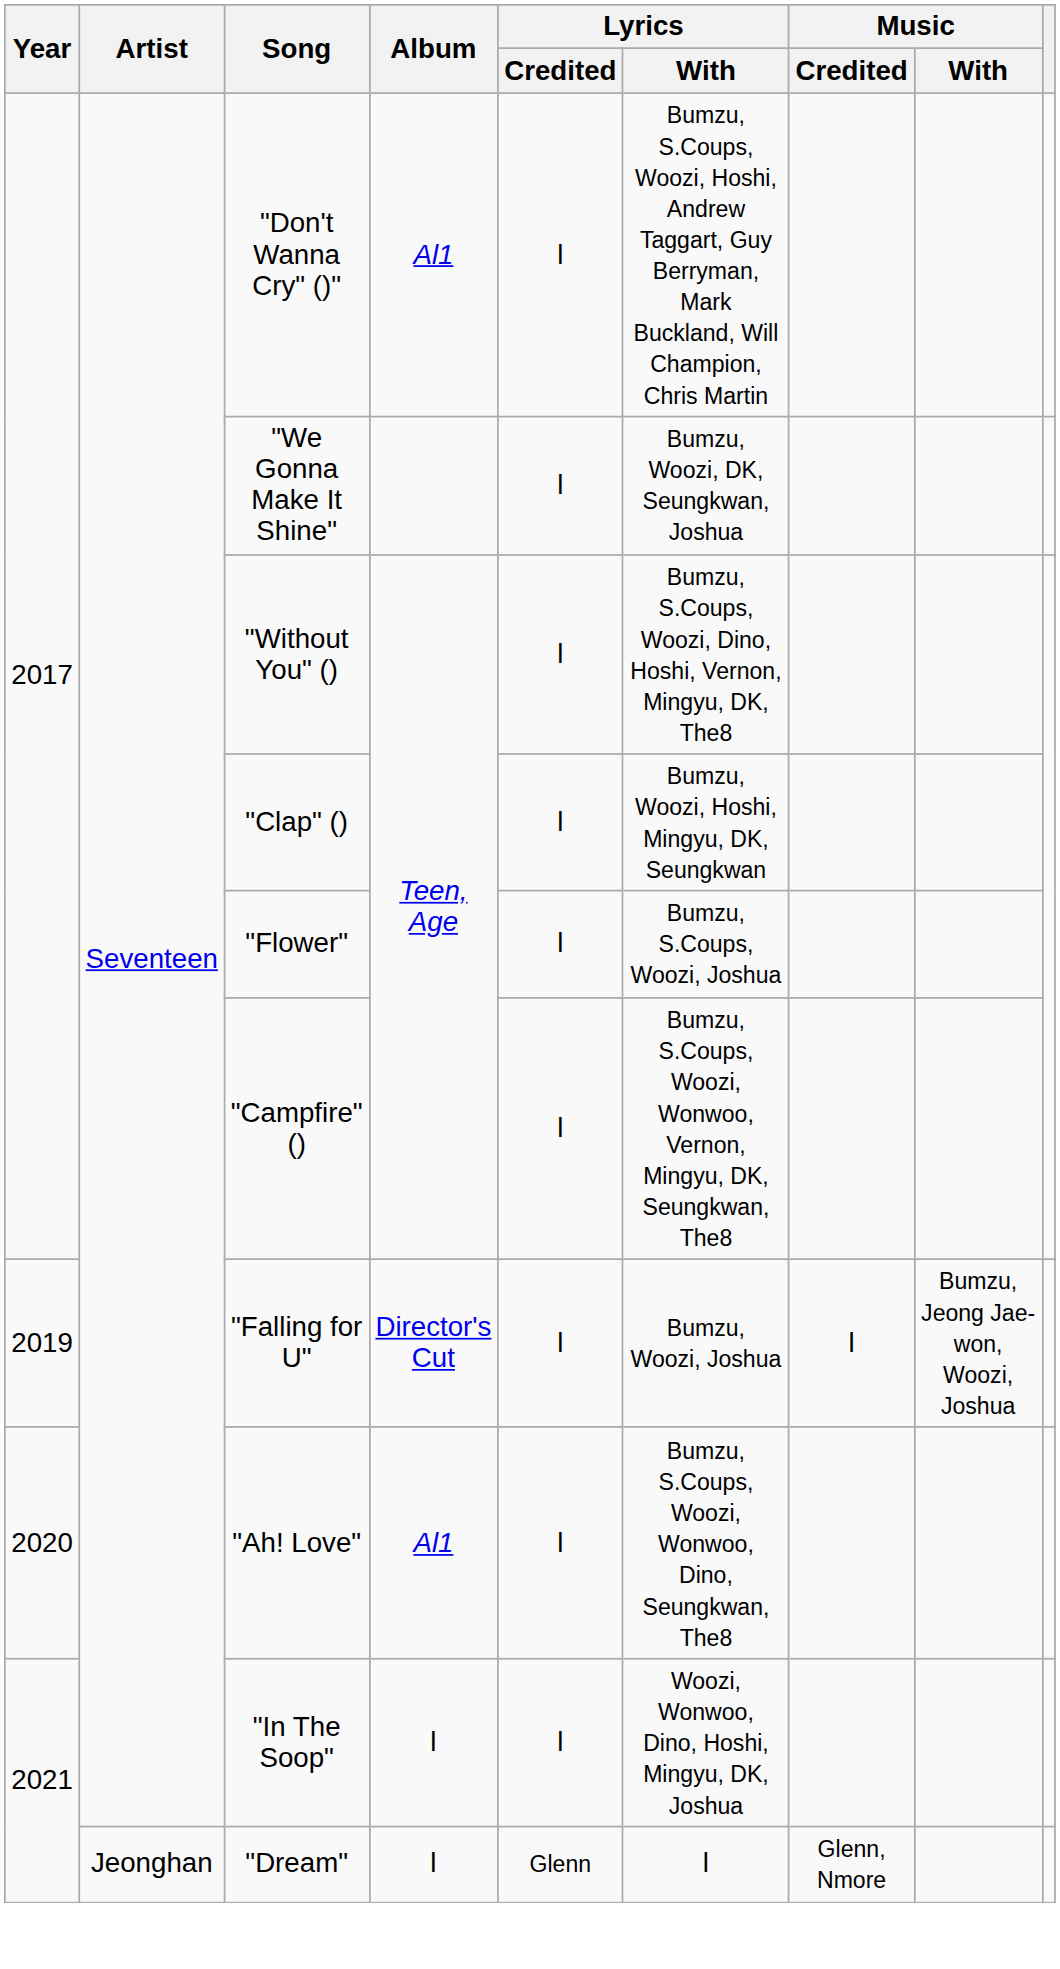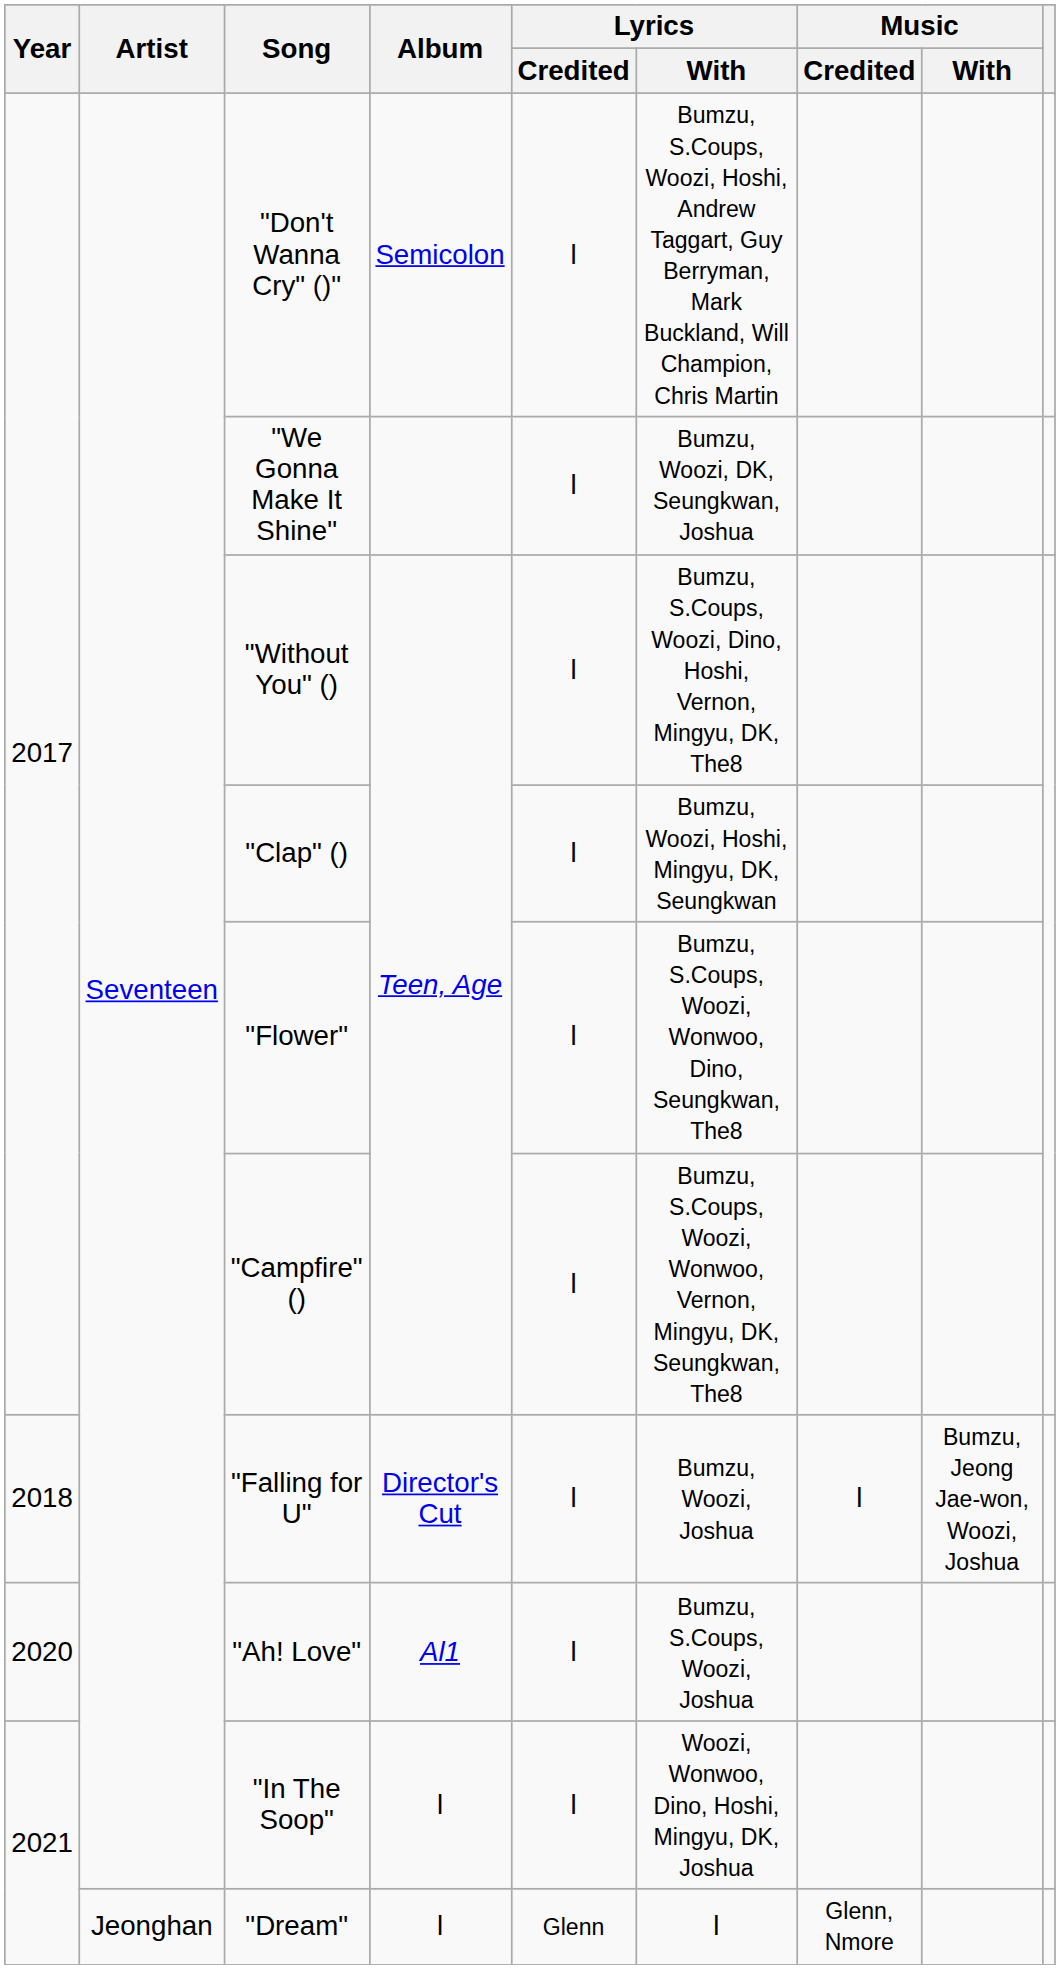 <table class="wikitable plainrowheaders sortable" style="text-align:center; width;100%">
 <tr>
 <th rowspan="2">Year</th>
 <th rowspan="2">Artist</th>
 <th rowspan="2">Song</th>
 <th rowspan="2">Album</th>
 <th colspan="2">Lyrics</th>
 <th colspan="2">Music</th>
 <th rowspan="2" class="unsortable"></th>
 </tr>
 <tr>
 <th style="width:3em;">Credited</th>
 <th style="width:9em;">With</th>
 <th style="width:3em;">Credited</th>
 <th style="width:9em;">With</th>
 </tr>
 <tr>
 <td rowspan="6">2017</td>
 <td rowspan="9"><a href='#'>Seventeen</a></td>
 <td>"Don't Wanna Cry" ()"</td>
-<td><a href='#'><em>Al1</em></a></td>
+<td><a href='#'>Semicolon</a></td>
 <td>l</td>
 <td><small>Bumzu, S.Coups, Woozi, Hoshi, Andrew Taggart, Guy Berryman, Mark Buckland, Will Champion, Chris Martin</small></td>
 <td></td>
 <td></td>
 <td></td>
 </tr>
 <tr>
 <td>"We Gonna Make It Shine" <br></td>
 <td></td>
 <td>l</td>
 <td><small>Bumzu, Woozi, DK, Seungkwan, Joshua</small></td>
 <td></td>
 <td></td>
 <td></td>
 </tr>
 <tr>
 <td>"Without You" ()</td>
 <td rowspan="4"><em><a href='#'>Teen, Age</a></em></td>
 <td>l</td>
 <td><small>Bumzu, S.Coups, Woozi, Dino, Hoshi, Vernon, Mingyu, DK, The8</small></td>
 <td></td>
 <td></td>
 <td rowspan="4" align="center"></td>
 </tr>
 <tr>
 <td>"Clap" ()</td>
 <td>l</td>
 <td><small>Bumzu, Woozi, Hoshi, Mingyu, DK, Seungkwan</small></td>
 <td></td>
 <td></td>
 </tr>
 <tr>
 <td>"Flower" <br></td>
 <td>l</td>
-<td><small>Bumzu, S.Coups, Woozi, Joshua</small></td>
+<td><small>Bumzu, S.Coups, Woozi, Wonwoo, Dino, Seungkwan, The8</small></td>
 <td></td>
 <td></td>
 </tr>
 <tr>
 <td>"Campfire" ()</td>
 <td>l</td>
 <td><small>Bumzu, S.Coups, Woozi, Wonwoo, Vernon, Mingyu, DK, Seungkwan, The8</small></td>
 <td></td>
 <td></td>
 </tr>
 <tr>
-<td>2019</td>
+<td>2018</td>
 <td>"Falling for U" <br></td>
 <td><a href='#'>Director's Cut</a></td>
 <td>l</td>
 <td><small>Bumzu, Woozi, Joshua</small></td>
 <td>l</td>
 <td><small>Bumzu, Jeong Jae-won, Woozi, Joshua</small></td>
 <td></td>
 </tr>
 <tr>
 <td>2020</td>
 <td>"Ah! Love" <br></td>
 <td><a href='#'><em>Al1</em></a></td>
 <td>l</td>
-<td><small>Bumzu, S.Coups, Woozi, Wonwoo, Dino, Seungkwan, The8</small></td>
+<td><small>Bumzu, S.Coups, Woozi, Joshua</small></td>
 <td></td>
 <td></td>
 <td align="center"></td>
 </tr>
 <tr>
 <td rowspan="2">2021</td>
 <td>"In The Soop"</td>
 <td>l</td>
 <td>l</td>
 <td><small>Woozi, Wonwoo, Dino, Hoshi, Mingyu, DK, Joshua</small></td>
 <td></td>
 <td></td>
 <td></td>
 </tr>
 <tr>
 <td>Jeonghan</td>
 <td>"Dream"</td>
 <td>l</td>
 <td><small>Glenn</small></td>
 <td>l</td>
 <td><small>Glenn, Nmore</small></td>
 <td></td>
 </tr>
 </table>
